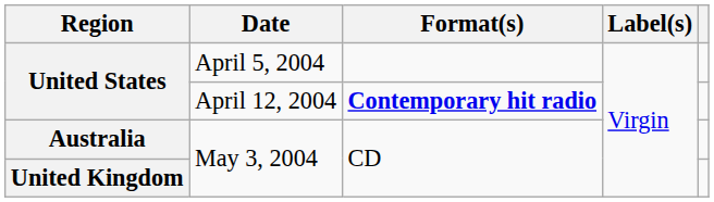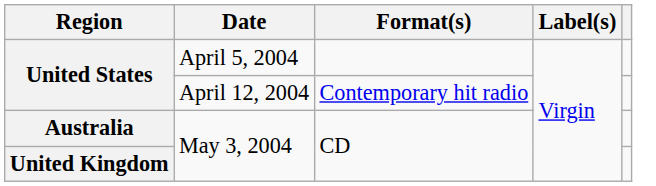 <table class="wikitable plainrowheaders">
 <tr>
 <th scope="col">Region</th>
 <th scope="col">Date</th>
 <th scope="col">Format(s)</th>
 <th scope="col">Label(s)</th>
 <th scope="col"></th>
 </tr>
 <tr>
 <th scope="row" rowspan="2">United States</th>
 <td>April 5, 2004</td>
 <td></td>
 <td rowspan="4"><a href='#'>Virgin</a></td>
 <td></td>
 </tr>
 <tr>
 <td>April 12, 2004</td>
-<td><strong><a href='#'>Contemporary hit radio</a></strong></td>
+<td><a href='#'>Contemporary hit radio</a></td>
 <td></td>
 </tr>
 <tr>
 <th scope="row">Australia</th>
 <td rowspan="2">May 3, 2004</td>
 <td rowspan="2">CD</td>
 <td></td>
 </tr>
 <tr>
 <th scope="row">United Kingdom</th>
 <td></td>
 </tr>
 </table>
